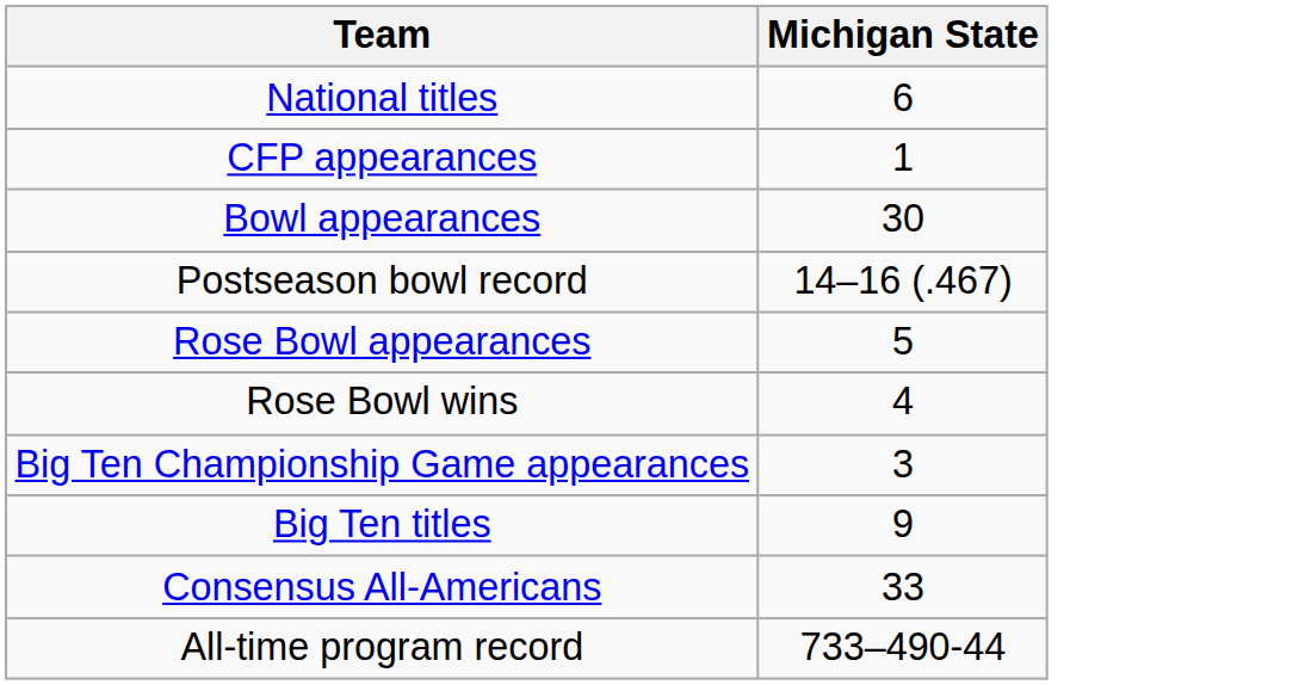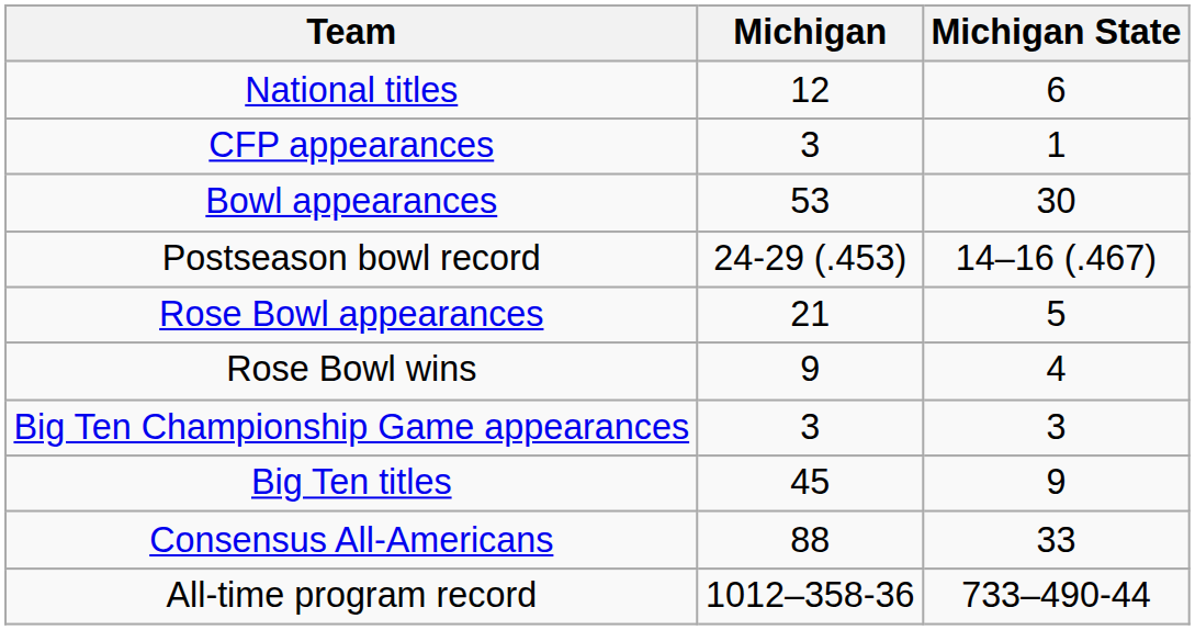 <table class="wikitable" style="text-align:center;">
 <tr>
 <th>Team</th>
+<th>Michigan</th>
 <th>Michigan State</th>
 </tr>
 <tr>
 <td><a href='#'>National titles</a></td>
+<td>12</td>
 <td>6</td>
 </tr>
 <tr>
 <td><a href='#'>CFP appearances</a></td>
+<td>3</td>
 <td>1</td>
 </tr>
 <tr>
 <td><a href='#'>Bowl appearances</a></td>
+<td>53</td>
 <td>30</td>
 </tr>
 <tr>
 <td>Postseason bowl record</td>
+<td>24-29 (.453)</td>
 <td>14–16 (.467)</td>
 </tr>
 <tr>
 <td><a href='#'>Rose Bowl appearances</a></td>
+<td>21</td>
 <td>5</td>
 </tr>
 <tr>
 <td>Rose Bowl wins</td>
+<td>9</td>
 <td>4</td>
 </tr>
 <tr>
 <td><a href='#'>Big Ten Championship Game appearances</a></td>
 <td>3</td>
+<td>3</td>
 </tr>
 <tr>
 <td><a href='#'>Big Ten titles</a></td>
+<td>45</td>
 <td>9</td>
 </tr>
 <tr>
 <td><a href='#'>Consensus All-Americans</a></td>
+<td>88</td>
 <td>33</td>
 </tr>
 <tr>
 <td>All-time program record</td>
+<td>1012–358-36</td>
 <td>733–490-44</td>
 </tr>
 </table>
